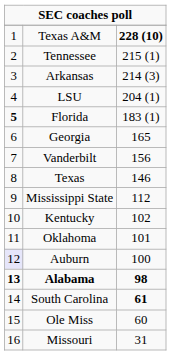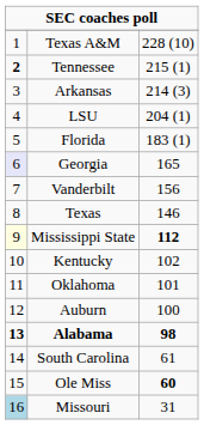 <table class="wikitable" style="display: inline-table;">
 <tr>
 <td align="center" Colspan="3"><strong>SEC coaches poll</strong></td>
 </tr>
 <tr align="center">
 </tr>
 <tr align="center">
 <td>1</td>
 <td>Texas A&M</td>
-<td><strong>228 (10)</strong></td>
+<td>228 (10)</td>
 </tr>
 <tr align="center">
-<td>2</td>
+<td><strong>2</strong></td>
 <td>Tennessee</td>
 <td>215 (1)</td>
 </tr>
 <tr align="center">
 <td>3</td>
 <td>Arkansas</td>
 <td>214 (3)</td>
 </tr>
 <tr align="center">
 <td>4</td>
 <td>LSU</td>
 <td>204 (1)</td>
 </tr>
 <tr align="center">
-<td><strong>5</strong></td>
+<td>5</td>
 <td>Florida</td>
 <td>183 (1)</td>
 </tr>
 <tr align="center">
-<td>6</td>
+<td style="background: lavender;">6</td>
 <td>Georgia</td>
 <td>165</td>
 </tr>
 <tr align="center">
 <td>7</td>
 <td>Vanderbilt</td>
 <td>156</td>
 </tr>
 <tr align="center">
 <td>8</td>
 <td>Texas</td>
 <td>146</td>
 </tr>
 <tr align="center">
-<td>9</td>
+<td style="background: lightyellow;">9</td>
 <td>Mississippi State</td>
-<td>112</td>
+<td><strong>112</strong></td>
 </tr>
 <tr align="center">
 <td>10</td>
 <td>Kentucky</td>
 <td>102</td>
 </tr>
 <tr align="center">
 <td>11</td>
 <td>Oklahoma</td>
 <td>101</td>
 </tr>
 <tr align="center">
-<td style="background: lavender;">12</td>
+<td>12</td>
 <td>Auburn</td>
 <td>100</td>
 </tr>
 <tr align="center">
 <td><strong>13</strong></td>
 <td><strong>Alabama</strong></td>
 <td><strong>98</strong></td>
 </tr>
 <tr align="center">
 <td>14</td>
 <td>South Carolina</td>
-<td><strong>61</strong></td>
+<td>61</td>
 </tr>
 <tr align="center">
 <td>15</td>
 <td>Ole Miss</td>
-<td>60</td>
+<td><strong>60</strong></td>
 </tr>
 <tr align="center">
-<td>16</td>
+<td style="background: lightblue;">16</td>
 <td>Missouri</td>
 <td>31</td>
 </tr>
 </table>
